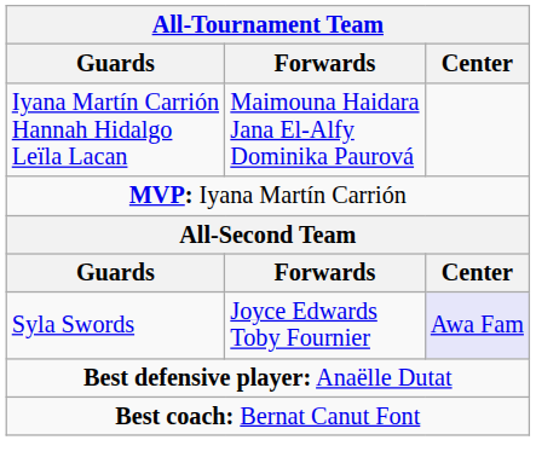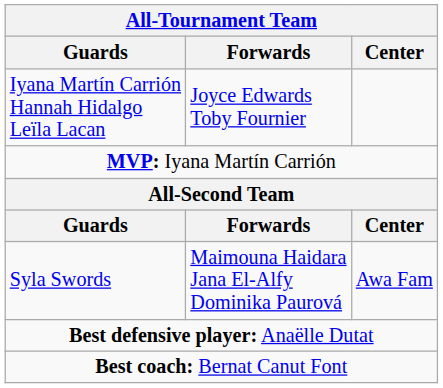 <table class=wikitable style="margin:auto">
 <tr>
 <th colspan=3 align=center><a href='#'>All-Tournament Team</a></th>
 </tr>
 <tr>
 <th>Guards</th>
 <th>Forwards</th>
 <th>Center</th>
 </tr>
 <tr>
 <td> <a href='#'>Iyana Martín Carrión</a><br> <a href='#'>Hannah Hidalgo</a><br> <a href='#'>Leïla Lacan</a></td>
-<td> <a href='#'>Maimouna Haidara</a><br> <a href='#'>Jana El-Alfy</a><br> <a href='#'>Dominika Paurová</a></td>
+<td> <a href='#'>Joyce Edwards</a><br> <a href='#'>Toby Fournier</a></td>
 </tr>
 <tr>
 <td colspan=3 align=center><strong><a href='#'>MVP</a>:</strong>  Iyana Martín Carrión</td>
 </tr>
 <tr>
 <th colspan=3 align=center>All-Second Team</th>
 </tr>
 <tr>
 <th>Guards</th>
 <th>Forwards</th>
 <th>Center</th>
 </tr>
 <tr>
 <td> <a href='#'>Syla Swords</a></td>
-<td> <a href='#'>Joyce Edwards</a><br> <a href='#'>Toby Fournier</a></td>
-<td style="background: lavender;"> <a href='#'>Awa Fam</a></td>
+<td> <a href='#'>Maimouna Haidara</a><br> <a href='#'>Jana El-Alfy</a><br> <a href='#'>Dominika Paurová</a></td>
+<td> <a href='#'>Awa Fam</a></td>
 </tr>
 <tr>
 <td colspan=3 align=center><strong>Best defensive player:</strong>  <a href='#'>Anaëlle Dutat</a></td>
 </tr>
 <tr>
 <td colspan=3 align=center><strong>Best coach:</strong>  <a href='#'>Bernat Canut Font</a></td>
 </tr>
 </table>
